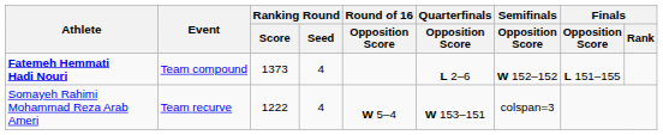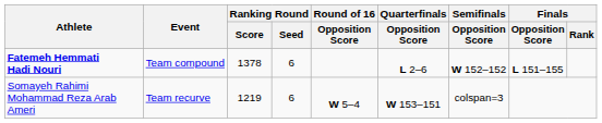 <table class="wikitable" style="text-align: center; font-size:90%">
 <tr>
 <th rowspan="2" width="180">Athlete</th>
 <th rowspan="2">Event</th>
 <th colspan="2">Ranking Round</th>
 <th>Round of 16</th>
 <th>Quarterfinals</th>
 <th>Semifinals</th>
 <th colspan="2">Finals</th>
 </tr>
 <tr style="font-size:95%">
 <th>Score</th>
 <th>Seed</th>
 <th>Opposition<br>Score</th>
 <th>Opposition<br>Score</th>
 <th>Opposition<br>Score</th>
 <th>Opposition<br>Score</th>
 <th>Rank</th>
 </tr>
 <tr>
 <td align=left><strong><a href='#'>Fatemeh Hemmati</a><br><a href='#'>Hadi Nouri</a></strong></td>
 <td align=left><a href='#'>Team compound</a></td>
-<td>1373</td>
-<td>4 <strong></strong></td>
+<td>1378</td>
+<td>6 <strong></strong></td>
 <td></td>
 <td align=center><br><strong>L</strong> 2–6</td>
 <td align=center><br><strong>W</strong> 152–152 </td>
 <td><br><strong>L</strong> 151–155</td>
 <td></td>
 </tr>
 <tr>
 <td align=left><a href='#'>Somayeh Rahimi</a><br><a href='#'>Mohammad Reza Arab Ameri</a></td>
 <td align=left><a href='#'>Team recurve</a></td>
-<td>1222</td>
-<td>4</td>
+<td>1219</td>
+<td>6</td>
 <td align=center><br><strong>W</strong> 5–4 </td>
 <td align=center><br><strong>W</strong> 153–151</td>
 <td>colspan=3 </td>
 </tr>
 </table>
